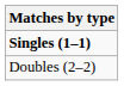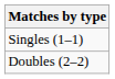 <table class="wikitable" style=font-size:90%>
 <tr>
 <th>Matches by type</th>
 </tr>
 <tr>
-<td><strong>Singles (1–1)</strong></td>
+<td>Singles (1–1)</td>
 </tr>
 <tr>
 <td>Doubles (2–2)</td>
 </tr>
 </table>
